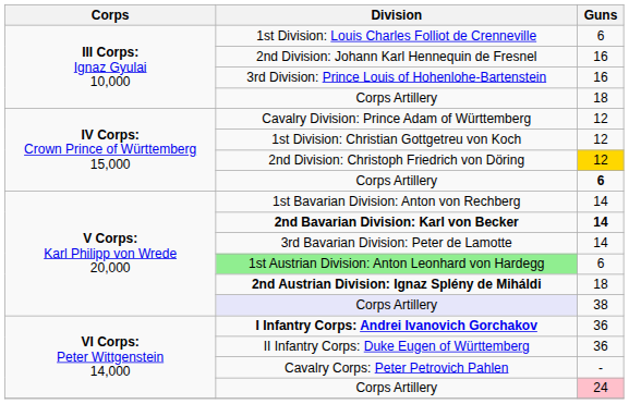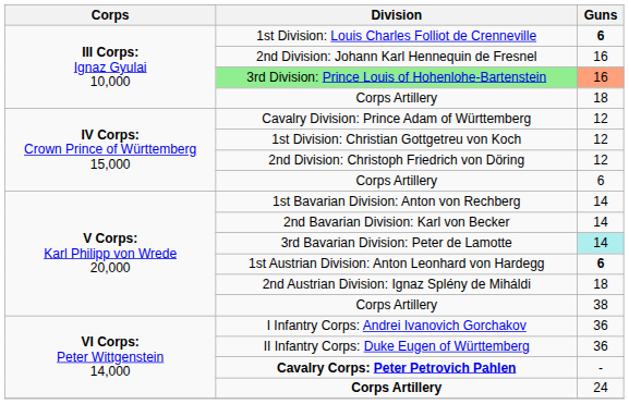 <table class="wikitable" style="text-align:center; width:60%;">
 <tr>
 <th>Corps</th>
 <th>Division</th>
 <th>Guns</th>
 </tr>
 <tr>
 <td ROWSPAN=4><strong>III Corps:</strong><br><a href='#'>Ignaz Gyulai</a><br>10,000</td>
 <td>1st Division: <a href='#'>Louis Charles Folliot de Crenneville</a></td>
-<td>6</td>
+<td><strong>6</strong></td>
 </tr>
 <tr>
 <td>2nd Division: Johann Karl Hennequin de Fresnel</td>
 <td>16</td>
 </tr>
 <tr>
-<td>3rd Division: <a href='#'>Prince Louis of Hohenlohe-Bartenstein</a></td>
-<td>16</td>
+<td style="background: lightgreen;">3rd Division: <a href='#'>Prince Louis of Hohenlohe-Bartenstein</a></td>
+<td style="background: lightsalmon;">16</td>
 </tr>
 <tr>
 <td>Corps Artillery</td>
 <td>18</td>
 </tr>
 <tr>
 <td ROWSPAN=4><strong>IV Corps:</strong><br><a href='#'>Crown Prince of Württemberg</a><br>15,000</td>
 <td>Cavalry Division: Prince Adam of Württemberg</td>
 <td>12</td>
 </tr>
 <tr>
 <td>1st Division: Christian Gottgetreu von Koch</td>
 <td>12</td>
 </tr>
 <tr>
 <td>2nd Division: Christoph Friedrich von Döring</td>
-<td style="background: gold;">12</td>
+<td>12</td>
 </tr>
 <tr>
 <td>Corps Artillery</td>
-<td><strong>6</strong></td>
+<td>6</td>
 </tr>
 <tr>
 <td ROWSPAN=6><strong>V Corps:</strong><br><a href='#'>Karl Philipp von Wrede</a><br>20,000</td>
 <td>1st Bavarian Division: Anton von Rechberg</td>
 <td>14</td>
 </tr>
 <tr>
-<td><strong>2nd Bavarian Division: Karl von Becker</strong></td>
-<td><strong>14</strong></td>
+<td>2nd Bavarian Division: Karl von Becker</td>
+<td>14</td>
 </tr>
 <tr>
 <td>3rd Bavarian Division: Peter de Lamotte</td>
-<td>14</td>
+<td style="background: paleturquoise;">14</td>
 </tr>
 <tr>
-<td style="background: lightgreen;">1st Austrian Division: Anton Leonhard von Hardegg</td>
-<td>6</td>
+<td>1st Austrian Division: Anton Leonhard von Hardegg</td>
+<td><strong>6</strong></td>
 </tr>
 <tr>
-<td><strong>2nd Austrian Division: Ignaz Splény de Miháldi</strong></td>
+<td>2nd Austrian Division: Ignaz Splény de Miháldi</td>
 <td>18</td>
 </tr>
 <tr>
-<td style="background: lavender;">Corps Artillery</td>
+<td>Corps Artillery</td>
 <td>38</td>
 </tr>
 <tr>
 <td ROWSPAN=4><strong>VI Corps:</strong><br><a href='#'>Peter Wittgenstein</a><br>14,000</td>
-<td><strong>I Infantry Corps: <a href='#'>Andrei Ivanovich Gorchakov</a></strong></td>
+<td>I Infantry Corps: <a href='#'>Andrei Ivanovich Gorchakov</a></td>
 <td>36</td>
 </tr>
 <tr>
 <td>II Infantry Corps: <a href='#'>Duke Eugen of Württemberg</a></td>
 <td>36</td>
 </tr>
 <tr>
-<td>Cavalry Corps: <a href='#'>Peter Petrovich Pahlen</a></td>
+<td><strong>Cavalry Corps: <a href='#'>Peter Petrovich Pahlen</a></strong></td>
 <td>-</td>
 </tr>
 <tr>
-<td>Corps Artillery</td>
-<td style="background: pink;">24</td>
+<td><strong>Corps Artillery</strong></td>
+<td>24</td>
 </tr>
 <tr>
 </tr>
 </table>
